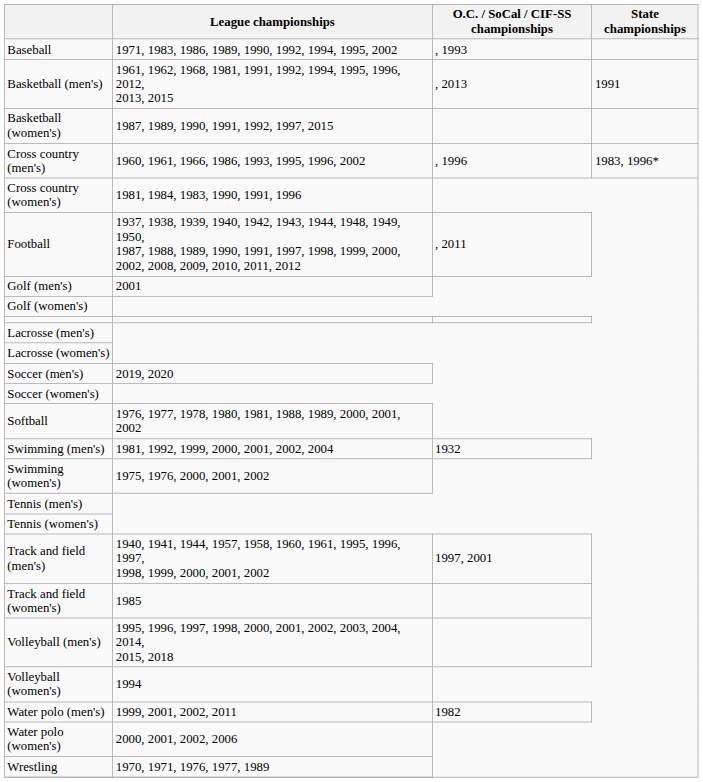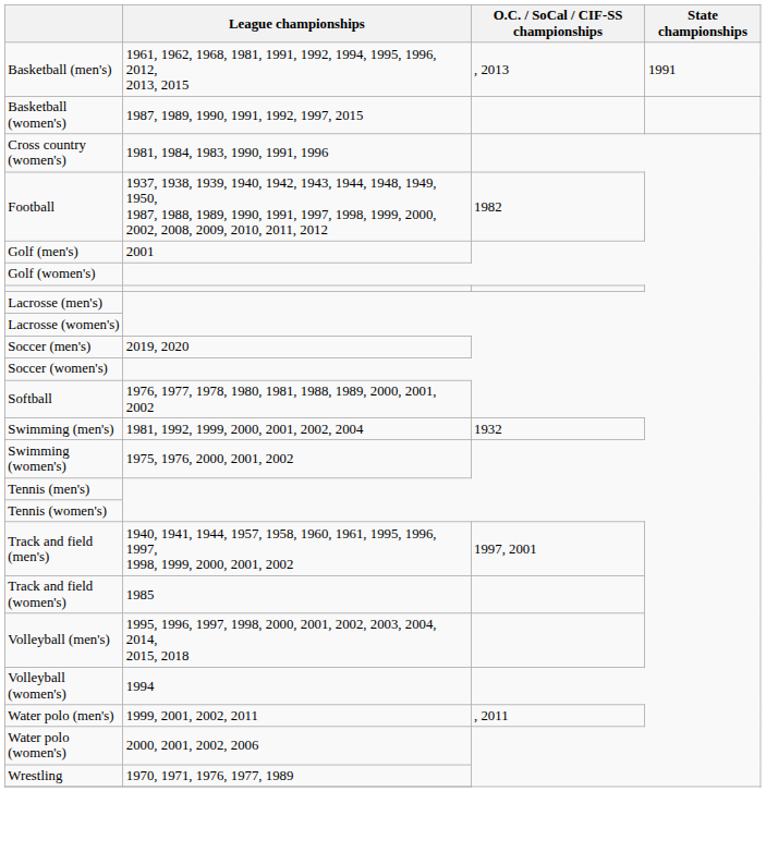 <table class="wikitable">
 <tr>
 <th></th>
 <th>League championships</th>
 <th>O.C. / SoCal / CIF-SS championships</th>
 <th>State championships</th>
-</tr>
-<tr>
-<td>Baseball</td>
-<td>1971, 1983, 1986, 1989, 1990, 1992, 1994, 1995, 2002</td>
-<td>, 1993</td>
-<td></td>
 </tr>
 <tr>
 <td>Basketball (men's)</td>
 <td>1961, 1962, 1968, 1981, 1991, 1992, 1994, 1995, 1996, 2012,<br>2013, 2015</td>
 <td>, 2013</td>
 <td>1991</td>
 </tr>
 <tr>
 <td>Basketball (women's)</td>
 <td>1987, 1989, 1990, 1991, 1992, 1997, 2015</td>
 <td></td>
 <td></td>
 </tr>
 <tr>
-<td>Cross country (men's)</td>
-<td>1960, 1961, 1966, 1986, 1993, 1995, 1996, 2002</td>
-<td>, 1996</td>
-<td>1983, 1996*</td>
-</tr>
-<tr>
 <td>Cross country (women's)</td>
 <td>1981, 1984, 1983, 1990, 1991, 1996</td>
 </tr>
 <tr>
 <td>Football</td>
 <td>1937, 1938, 1939, 1940, 1942, 1943, 1944, 1948, 1949, 1950,<br>1987, 1988, 1989, 1990, 1991, 1997, 1998, 1999, 2000, 2002, 2008, 2009, 2010, 2011, 2012</td>
-<td>, 2011</td>
+<td>1982</td>
 </tr>
 <tr>
 <td>Golf (men's)</td>
 <td>2001</td>
 </tr>
 <tr>
 <td>Golf (women's)</td>
 </tr>
 <tr>
 <td></td>
 <td></td>
 <td></td>
 </tr>
 <tr>
 <td>Lacrosse (men's)</td>
 </tr>
 <tr>
 <td>Lacrosse (women's)</td>
 </tr>
 <tr>
 <td>Soccer (men's)</td>
 <td>2019, 2020</td>
 </tr>
 <tr>
 <td>Soccer (women's)</td>
 </tr>
 <tr>
 <td>Softball</td>
 <td>1976, 1977, 1978, 1980, 1981, 1988, 1989, 2000, 2001, 2002</td>
 </tr>
 <tr>
 <td>Swimming (men's)</td>
 <td>1981, 1992, 1999, 2000, 2001, 2002, 2004</td>
 <td>1932</td>
 </tr>
 <tr>
 <td>Swimming (women's)</td>
 <td>1975, 1976, 2000, 2001, 2002</td>
 </tr>
 <tr>
 <td>Tennis (men's)</td>
 </tr>
 <tr>
 <td>Tennis (women's)</td>
 </tr>
 <tr>
 <td>Track and field (men's)</td>
 <td>1940, 1941, 1944, 1957, 1958, 1960, 1961, 1995, 1996, 1997,<br>1998, 1999, 2000, 2001, 2002</td>
 <td>1997, 2001</td>
 </tr>
 <tr>
 <td>Track and field (women's)</td>
 <td>1985</td>
 <td></td>
 </tr>
 <tr>
 <td>Volleyball (men's)</td>
 <td>1995, 1996, 1997, 1998, 2000, 2001, 2002, 2003, 2004, 2014,<br>2015, 2018</td>
 <td></td>
 </tr>
 <tr>
 <td>Volleyball (women's)</td>
 <td>1994</td>
 </tr>
 <tr>
 <td>Water polo (men's)</td>
 <td>1999, 2001, 2002, 2011</td>
-<td>1982</td>
+<td>, 2011</td>
 </tr>
 <tr>
 <td>Water polo (women's)</td>
 <td>2000, 2001, 2002, 2006</td>
 </tr>
 <tr>
 <td>Wrestling</td>
 <td>1970, 1971, 1976, 1977, 1989</td>
 </tr>
 <tr>
 </tr>
 </table>
